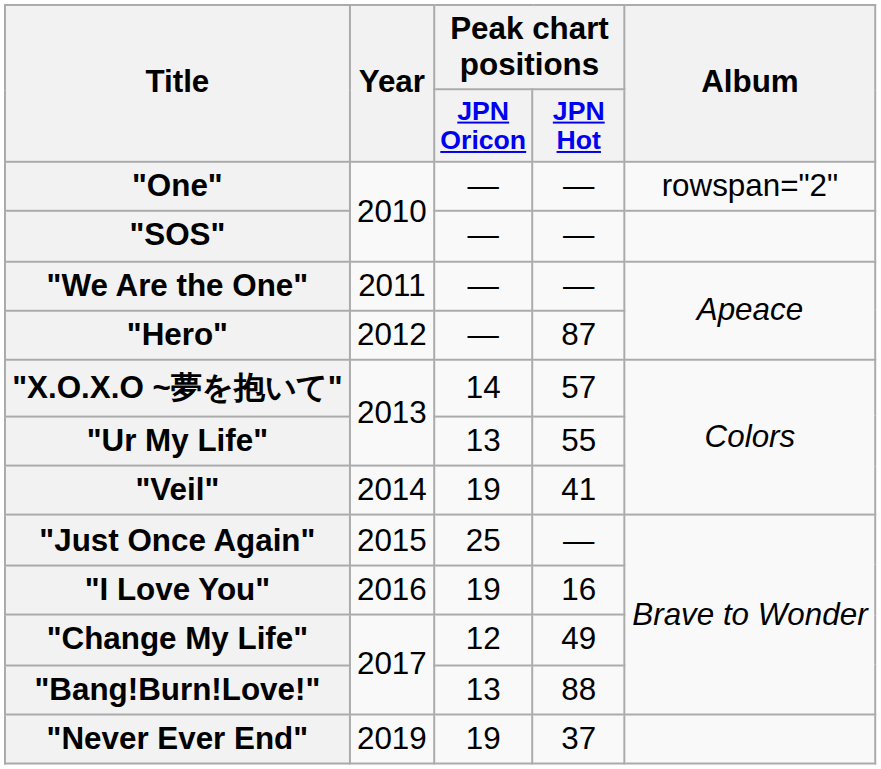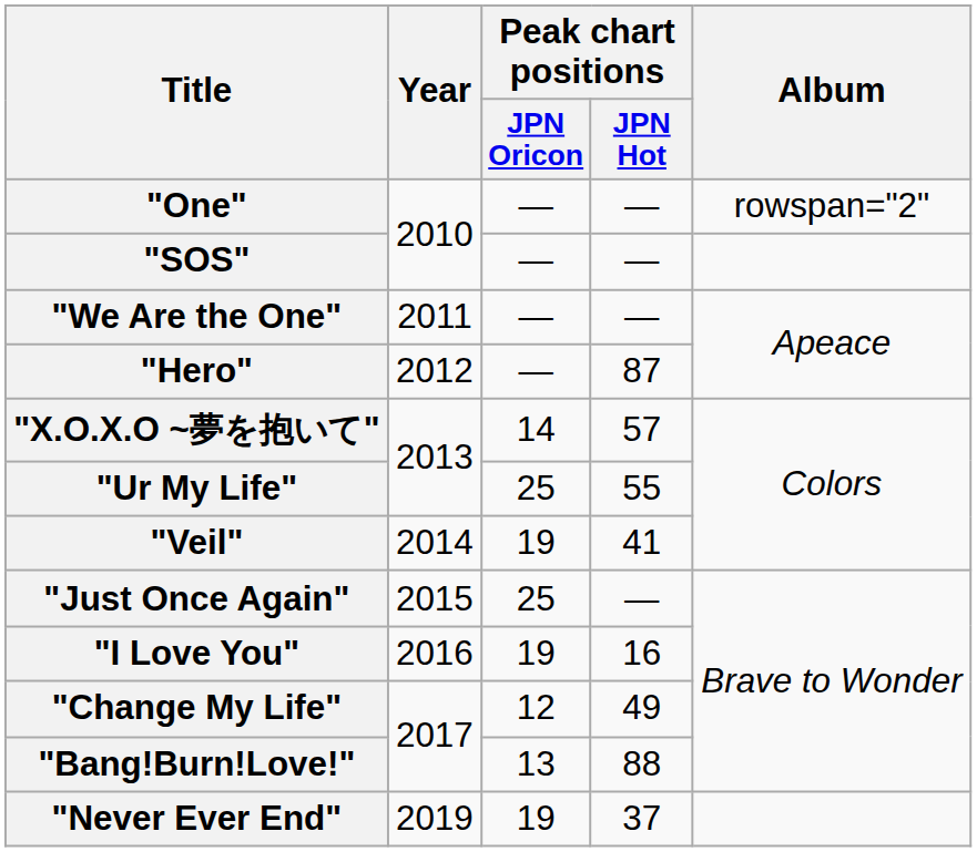 <table class="wikitable plainrowheaders" style="text-align:center;">
 <tr>
 <th rowspan="2" scope="col">Title</th>
 <th rowspan="2" scope="col">Year</th>
 <th colspan="2" scope="col">Peak chart positions</th>
 <th rowspan="2">Album</th>
 </tr>
 <tr>
 <th scope="col" style="width:3em;font-size:85%;"><a href='#'>JPN<br>Oricon</a><br></th>
 <th scope="col" style="width:3em;font-size:85%;"><a href='#'>JPN<br>Hot</a><br></th>
 </tr>
 <tr>
 <th scope="row">"One"</th>
 <td rowspan="2">2010</td>
 <td>—</td>
 <td>—</td>
 <td>rowspan="2" </td>
 </tr>
 <tr>
 <th scope="row">"SOS"</th>
 <td>—</td>
 <td>—</td>
 </tr>
 <tr>
 <th scope="row">"We Are the One"</th>
 <td>2011</td>
 <td>—</td>
 <td>—</td>
 <td rowspan="2"><em>Apeace</em></td>
 </tr>
 <tr>
 <th scope="row">"Hero"</th>
 <td>2012</td>
 <td>—</td>
 <td>87</td>
 </tr>
 <tr>
 <th scope="row">"X.O.X.O ~夢を抱いて"</th>
 <td rowspan="2">2013</td>
 <td>14</td>
 <td>57</td>
 <td rowspan="3"><em>Colors</em></td>
 </tr>
 <tr>
 <th scope="row">"Ur My Life"</th>
-<td>13</td>
+<td>25</td>
 <td>55</td>
 </tr>
 <tr>
 <th scope="row">"Veil"</th>
 <td>2014</td>
 <td>19</td>
 <td>41</td>
 </tr>
 <tr>
 <th scope="row">"Just Once Again"</th>
 <td>2015</td>
 <td>25</td>
 <td>—</td>
 <td rowspan="4"><em>Brave to Wonder</em></td>
 </tr>
 <tr>
 <th scope="row">"I Love You"</th>
 <td>2016</td>
 <td>19</td>
 <td>16</td>
 </tr>
 <tr>
 <th scope="row">"Change My Life"</th>
 <td rowspan="2">2017</td>
 <td>12</td>
 <td>49</td>
 </tr>
 <tr>
 <th scope="row">"Bang!Burn!Love!"</th>
 <td>13</td>
 <td>88</td>
 </tr>
 <tr>
 <th scope="row">"Never Ever End"</th>
 <td>2019</td>
 <td>19</td>
 <td>37</td>
 <td></td>
 </tr>
 </table>
